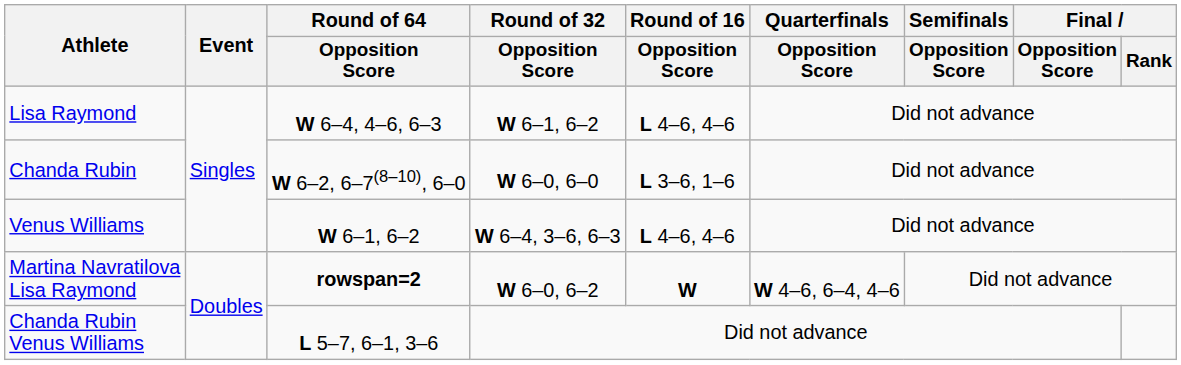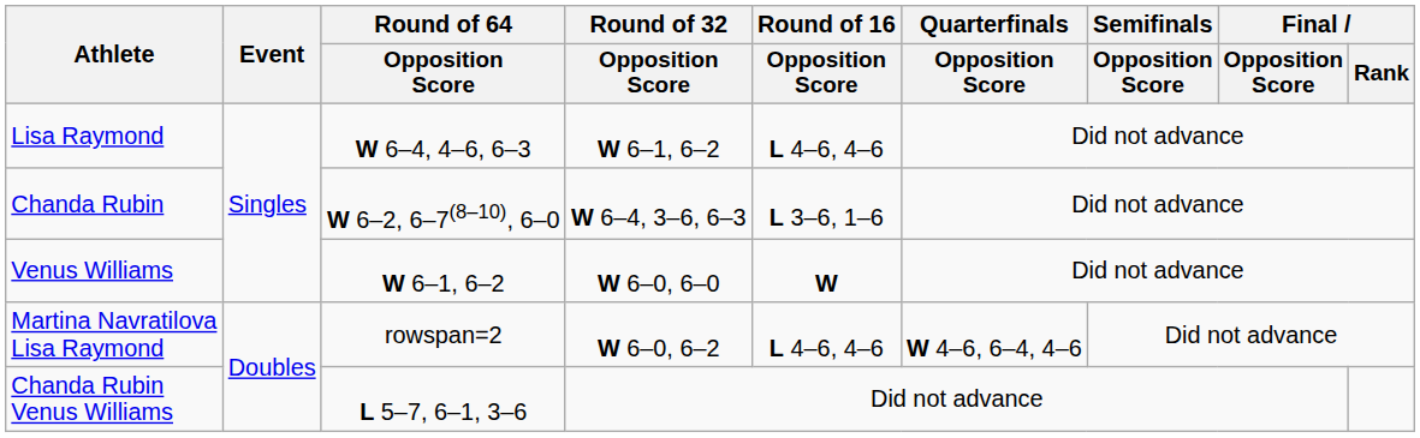 <table class=wikitable style=font-size:90%;text-align:center>
 <tr>
 <th rowspan=2>Athlete</th>
 <th rowspan=2>Event</th>
 <th>Round of 64</th>
 <th>Round of 32</th>
 <th>Round of 16</th>
 <th>Quarterfinals</th>
 <th>Semifinals</th>
 <th colspan=2>Final / </th>
 </tr>
 <tr style=font-size:95%>
 <th>Opposition<br>Score</th>
 <th>Opposition<br>Score</th>
 <th>Opposition<br>Score</th>
 <th>Opposition<br>Score</th>
 <th>Opposition<br>Score</th>
 <th>Opposition<br>Score</th>
 <th>Rank</th>
 </tr>
 <tr>
 <td align=left><a href='#'>Lisa Raymond</a></td>
 <td align=left rowspan=3><a href='#'>Singles</a></td>
 <td><br><strong>W</strong> 6–4, 4–6, 6–3</td>
 <td><br><strong>W</strong> 6–1, 6–2</td>
 <td><br><strong>L</strong> 4–6, 4–6</td>
 <td colspan=4>Did not advance</td>
 </tr>
 <tr>
 <td align=left><a href='#'>Chanda Rubin</a></td>
 <td><br><strong>W</strong> 6–2, 6–7<sup>(8–10)</sup>, 6–0</td>
-<td><br><strong>W</strong> 6–0, 6–0</td>
+<td><br><strong>W</strong> 6–4, 3–6, 6–3</td>
 <td><br><strong>L</strong> 3–6, 1–6</td>
 <td colspan=4>Did not advance</td>
 </tr>
 <tr>
 <td align=left><a href='#'>Venus Williams</a></td>
 <td><br><strong>W</strong> 6–1, 6–2</td>
-<td><br><strong>W</strong> 6–4, 3–6, 6–3</td>
-<td><br><strong>L</strong> 4–6, 4–6</td>
+<td><br><strong>W</strong> 6–0, 6–0</td>
+<td><br><strong>W</strong> </td>
 <td colspan=4>Did not advance</td>
 </tr>
 <tr>
 <td align=left><a href='#'>Martina Navratilova</a><br><a href='#'>Lisa Raymond</a></td>
 <td align=left rowspan=2><a href='#'>Doubles</a></td>
-<td><strong>rowspan=2 </strong></td>
+<td>rowspan=2 </td>
 <td><br><strong>W</strong> 6–0, 6–2</td>
-<td><br><strong>W</strong> </td>
+<td><br><strong>L</strong> 4–6, 4–6</td>
 <td><br><strong>W</strong> 4–6, 6–4, 4–6</td>
 <td colspan=3>Did not advance</td>
 </tr>
 <tr>
 <td align=left><a href='#'>Chanda Rubin</a><br><a href='#'>Venus Williams</a></td>
 <td><br><strong>L</strong> 5–7, 6–1, 3–6</td>
 <td colspan=5>Did not advance</td>
 </tr>
 </table>
